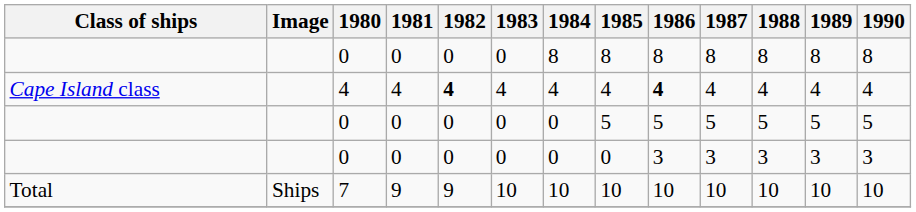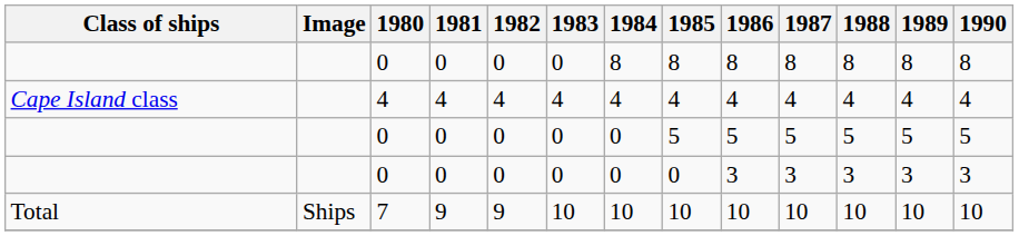 <table class="wikitable sortable collapsible collapsed">
 <tr>
 <th style="width:29%;">Class of ships</th>
 <th>Image</th>
 <th>1980</th>
 <th>1981</th>
 <th>1982</th>
 <th>1983</th>
 <th>1984</th>
 <th>1985</th>
 <th>1986</th>
 <th>1987</th>
 <th>1988</th>
 <th>1989</th>
 <th>1990</th>
 </tr>
 <tr valign="top">
 <td></td>
 <td></td>
 <td>0</td>
 <td>0</td>
 <td>0</td>
 <td>0</td>
 <td>8</td>
 <td>8</td>
 <td>8</td>
 <td>8</td>
 <td>8</td>
 <td>8</td>
 <td>8</td>
 </tr>
 <tr valign="top">
 <td><a href='#'><em>Cape Island</em> class</a></td>
 <td></td>
 <td>4</td>
 <td>4</td>
-<td><strong>4</strong></td>
 <td>4</td>
 <td>4</td>
 <td>4</td>
-<td><strong>4</strong></td>
+<td>4</td>
+<td>4</td>
 <td>4</td>
 <td>4</td>
 <td>4</td>
 <td>4</td>
 </tr>
 <tr valign="top">
 <td></td>
 <td></td>
 <td>0</td>
 <td>0</td>
 <td>0</td>
 <td>0</td>
 <td>0</td>
 <td>5</td>
 <td>5</td>
 <td>5</td>
 <td>5</td>
 <td>5</td>
 <td>5</td>
 </tr>
 <tr valign="top">
 <td></td>
 <td></td>
 <td>0</td>
 <td>0</td>
 <td>0</td>
 <td>0</td>
 <td>0</td>
 <td>0</td>
 <td>3</td>
 <td>3</td>
 <td>3</td>
 <td>3</td>
 <td>3</td>
 </tr>
 <tr valign="top">
 <td>Total</td>
 <td>Ships</td>
 <td>7</td>
 <td>9</td>
 <td>9</td>
 <td>10</td>
 <td>10</td>
 <td>10</td>
 <td>10</td>
 <td>10</td>
 <td>10</td>
 <td>10</td>
 <td>10</td>
 </tr>
 <tr>
 </tr>
 </table>
